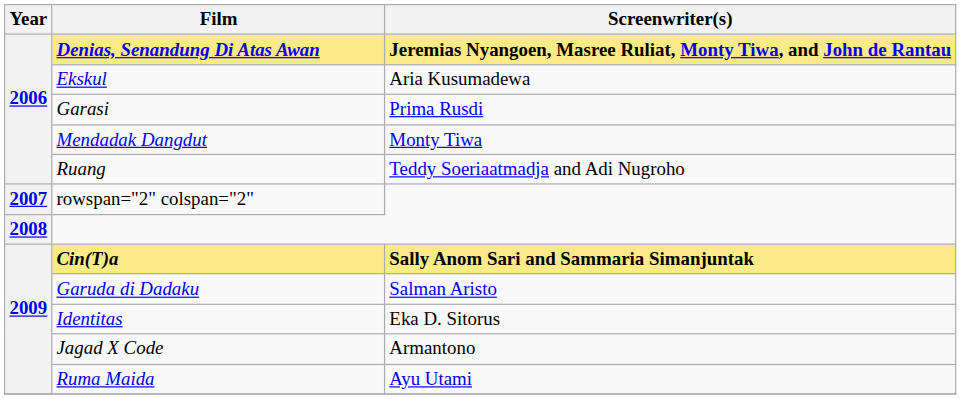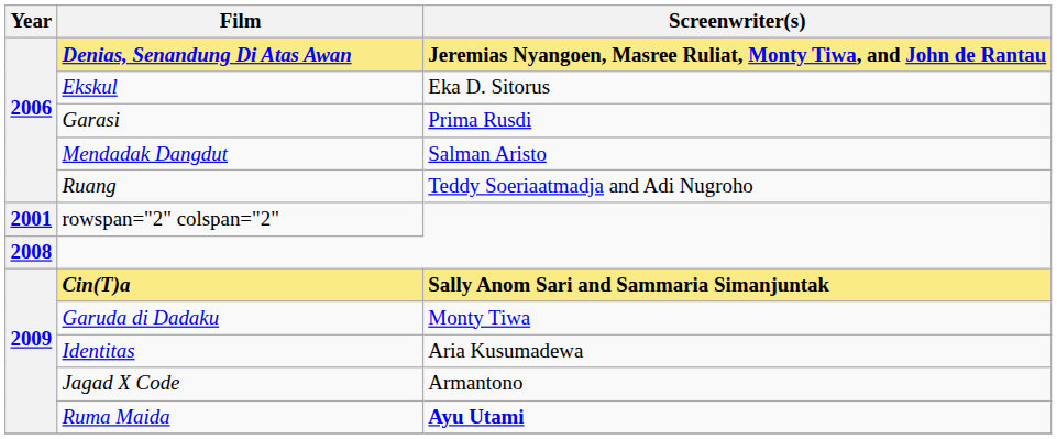 <table class="wikitable" rowspan=2 style="text-align: left;" border="2" cellpadding="4">
 <tr>
 <th scope="col" style="width:5%;">Year</th>
 <th scope="col" style="width:35%;">Film</th>
 <th scope="col" style="width:60%;">Screenwriter(s)</th>
 </tr>
 <tr>
 <th style="text-align:center;" rowspan="5"><a href='#'>2006</a><br><br></th>
 <td scope="row" style="background:#FAEB86;"><strong><em><a href='#'>Denias, Senandung Di Atas Awan</a></em></strong></td>
 <td style="background:#FAEB86;"><strong>Jeremias Nyangoen, Masree Ruliat, <a href='#'>Monty Tiwa</a>, and <a href='#'>John de Rantau</a> </strong></td>
 </tr>
 <tr>
 <td><em><a href='#'>Ekskul</a></em></td>
-<td>Aria Kusumadewa</td>
+<td>Eka D. Sitorus</td>
 </tr>
 <tr>
 <td><em>Garasi</em></td>
 <td><a href='#'>Prima Rusdi</a></td>
 </tr>
 <tr>
 <td><em><a href='#'>Mendadak Dangdut</a></em></td>
-<td><a href='#'>Monty Tiwa</a></td>
+<td><a href='#'>Salman Aristo</a></td>
 </tr>
 <tr>
 <td><em>Ruang</em></td>
 <td><a href='#'>Teddy Soeriaatmadja</a> and Adi Nugroho</td>
 </tr>
 <tr>
-<th style="text-align:center;"><a href='#'>2007</a><br></th>
+<th style="text-align:center;"><a href='#'>2001</a><br></th>
 <td>rowspan="2" colspan="2" </td>
 </tr>
 <tr>
 <th style="text-align:center;"><a href='#'>2008</a><br></th>
 </tr>
 <tr>
 <th style="text-align:center;" rowspan="5"><a href='#'>2009</a><br><br></th>
 <td scope="row" style="background:#FAEB86;"><strong><em>Cin(T)a</em></strong></td>
 <td style="background:#FAEB86;"><strong>Sally Anom Sari and Sammaria Simanjuntak </strong></td>
 </tr>
 <tr>
 <td><em><a href='#'>Garuda di Dadaku</a></em></td>
-<td><a href='#'>Salman Aristo</a></td>
+<td><a href='#'>Monty Tiwa</a></td>
 </tr>
 <tr>
 <td><em><a href='#'>Identitas</a></em></td>
-<td>Eka D. Sitorus</td>
+<td>Aria Kusumadewa</td>
 </tr>
 <tr>
 <td><em>Jagad X Code</em></td>
 <td>Armantono</td>
 </tr>
 <tr>
 <td><em><a href='#'>Ruma Maida</a></em></td>
-<td><a href='#'>Ayu Utami</a></td>
+<td><strong><a href='#'>Ayu Utami</a></strong></td>
 </tr>
 <tr>
 </tr>
 </table>
